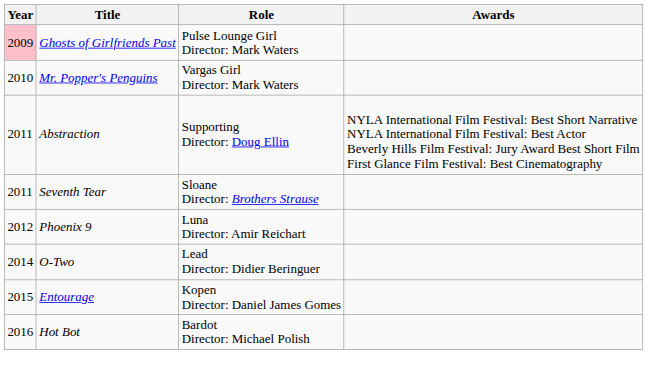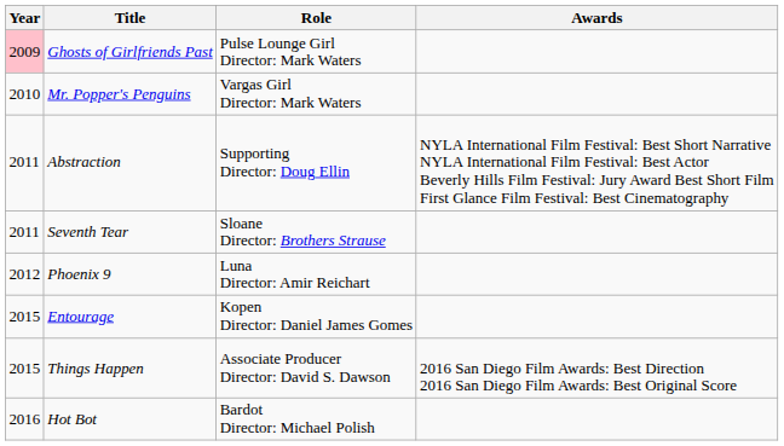 <table class="wikitable sortable">
 <tr>
 <th>Year</th>
 <th>Title</th>
 <th>Role</th>
 <th class="unsortable">Awards</th>
 </tr>
 <tr>
 <td style="background: pink;">2009</td>
 <td><em><a href='#'>Ghosts of Girlfriends Past</a></em></td>
 <td>Pulse Lounge Girl<br>Director: Mark Waters</td>
 <td></td>
 </tr>
 <tr>
 <td>2010</td>
 <td><em><a href='#'>Mr. Popper's Penguins</a></em></td>
 <td>Vargas Girl<br>Director: Mark Waters</td>
 <td></td>
 </tr>
 <tr>
 <td>2011</td>
 <td><em>Abstraction</em></td>
 <td>Supporting<br>Director: <a href='#'>Doug Ellin</a></td>
 <td><br>NYLA International Film Festival: Best Short Narrative<br> NYLA International Film Festival: Best Actor<br> Beverly Hills Film Festival: Jury Award Best Short Film<br> First Glance Film Festival: Best Cinematography</td>
 </tr>
 <tr>
 <td>2011</td>
 <td><em>Seventh Tear</em></td>
 <td>Sloane<br>Director: <em><a href='#'>Brothers Strause</a></em></td>
 <td></td>
 </tr>
 <tr>
 <td>2012</td>
 <td><em>Phoenix 9</em></td>
 <td>Luna<br>Director: Amir Reichart</td>
 <td></td>
 </tr>
 <tr>
-<td>2014</td>
-<td><em>O-Two</em></td>
-<td>Lead<br>Director: Didier Beringuer</td>
+<td>2015</td>
+<td><em><a href='#'>Entourage</a></em></td>
+<td>Kopen<br>Director: Daniel James Gomes</td>
 <td></td>
 </tr>
 <tr>
 <td>2015</td>
-<td><em><a href='#'>Entourage</a></em></td>
-<td>Kopen<br>Director: Daniel James Gomes</td>
-<td></td>
+<td><em>Things Happen</em></td>
+<td>Associate Producer<br>Director: David S. Dawson</td>
+<td><br>2016 San Diego Film Awards: Best Direction<br> 2016 San Diego Film Awards: Best Original Score</td>
 </tr>
 <tr>
 <td>2016</td>
 <td><em>Hot Bot</em></td>
 <td>Bardot<br>Director: Michael Polish</td>
 <td></td>
 </tr>
 </table>
